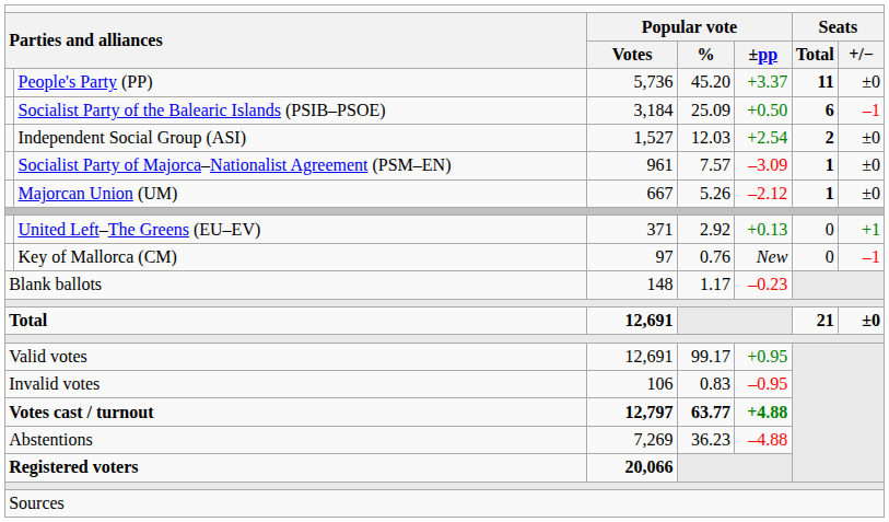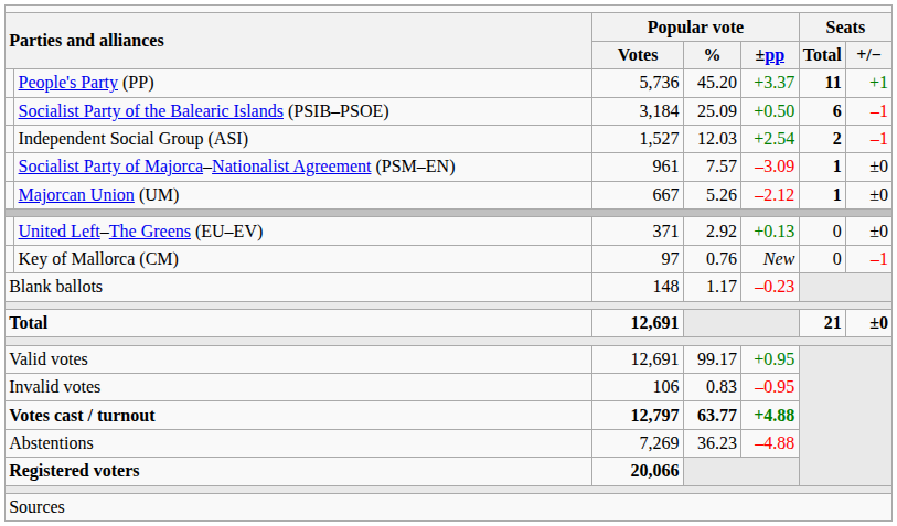 <table class="wikitable" style="text-align:right;">
 <tr>
 <td colspan="7"></td>
 </tr>
 <tr>
 <th style="text-align:left;" rowspan="2" colspan="2" width="525">Parties and alliances</th>
 <th colspan="3">Popular vote</th>
 <th colspan="2">Seats</th>
 </tr>
 <tr>
 <th width="75">Votes</th>
 <th width="45">%</th>
 <th width="45">±<a href='#'>pp</a></th>
 <th width="35">Total</th>
 <th width="35">+/−</th>
 </tr>
 <tr>
 <td width="1" style="color:inherit;background:"></td>
 <td align="left"><a href='#'>People's Party</a> (PP)</td>
 <td>5,736</td>
 <td>45.20</td>
 <td style="color:green;">+3.37</td>
 <td><strong>11</strong></td>
-<td>±0</td>
+<td style="color:green;">+1</td>
 </tr>
 <tr>
 <td style="color:inherit;background:"></td>
 <td align="left"><a href='#'>Socialist Party of the Balearic Islands</a> (PSIB–PSOE)</td>
 <td>3,184</td>
 <td>25.09</td>
 <td style="color:green;">+0.50</td>
 <td><strong>6</strong></td>
 <td style="color:red;">–1</td>
 </tr>
 <tr>
 <td style="color:inherit;background:"></td>
 <td align="left">Independent Social Group (ASI)</td>
 <td>1,527</td>
 <td>12.03</td>
 <td style="color:green;">+2.54</td>
 <td><strong>2</strong></td>
-<td>±0</td>
+<td style="color:red;">–1</td>
 </tr>
 <tr>
 <td style="color:inherit;background:"></td>
 <td align="left"><a href='#'>Socialist Party of Majorca</a>–<a href='#'>Nationalist Agreement</a> (PSM–EN)</td>
 <td>961</td>
 <td>7.57</td>
 <td style="color:red;">–3.09</td>
 <td><strong>1</strong></td>
 <td>±0</td>
 </tr>
 <tr>
 <td style="color:inherit;background:"></td>
 <td align="left"><a href='#'>Majorcan Union</a> (UM)</td>
 <td>667</td>
 <td>5.26</td>
 <td style="color:red;">–2.12</td>
 <td><strong>1</strong></td>
 <td>±0</td>
 </tr>
 <tr>
 <td colspan="7" bgcolor="#C0C0C0"></td>
 </tr>
 <tr>
 <td style="color:inherit;background:"></td>
 <td align="left"><a href='#'>United Left</a>–<a href='#'>The Greens</a> (EU–EV)</td>
 <td>371</td>
 <td>2.92</td>
 <td style="color:green;">+0.13</td>
 <td>0</td>
-<td style="color:green;">+1</td>
+<td>±0</td>
 </tr>
 <tr>
 <td style="color:inherit;background:"></td>
 <td align="left">Key of Mallorca (CM)</td>
 <td>97</td>
 <td>0.76</td>
 <td><em>New</em></td>
 <td>0</td>
 <td style="color:red;">–1</td>
 </tr>
 <tr>
 <td align="left" colspan="2">Blank ballots</td>
 <td>148</td>
 <td>1.17</td>
 <td style="color:red;">–0.23</td>
 <td bgcolor="#E9E9E9" colspan="2"></td>
 </tr>
 <tr>
 <td colspan="7" bgcolor="#E9E9E9"></td>
 </tr>
 <tr style="font-weight:bold;">
 <td align="left" colspan="2">Total</td>
 <td>12,691</td>
 <td bgcolor="#E9E9E9" colspan="2"></td>
 <td>21</td>
 <td>±0</td>
 </tr>
 <tr>
 <td colspan="7" bgcolor="#E9E9E9"></td>
 </tr>
 <tr>
 <td align="left" colspan="2">Valid votes</td>
 <td>12,691</td>
 <td>99.17</td>
 <td style="color:green;">+0.95</td>
 <td bgcolor="#E9E9E9" colspan="2" rowspan="5"></td>
 </tr>
 <tr>
 <td align="left" colspan="2">Invalid votes</td>
 <td>106</td>
 <td>0.83</td>
 <td style="color:red;">–0.95</td>
 </tr>
 <tr style="font-weight:bold;">
 <td align="left" colspan="2">Votes cast / turnout</td>
 <td>12,797</td>
 <td>63.77</td>
 <td style="color:green;">+4.88</td>
 </tr>
 <tr>
 <td align="left" colspan="2">Abstentions</td>
 <td>7,269</td>
 <td>36.23</td>
 <td style="color:red;">–4.88</td>
 </tr>
 <tr style="font-weight:bold;">
 <td align="left" colspan="2">Registered voters</td>
 <td>20,066</td>
 <td bgcolor="#E9E9E9" colspan="2"></td>
 </tr>
 <tr>
 <td colspan="7" bgcolor="#E9E9E9"></td>
 </tr>
 <tr>
 <td align="left" colspan="7">Sources</td>
 </tr>
 </table>
